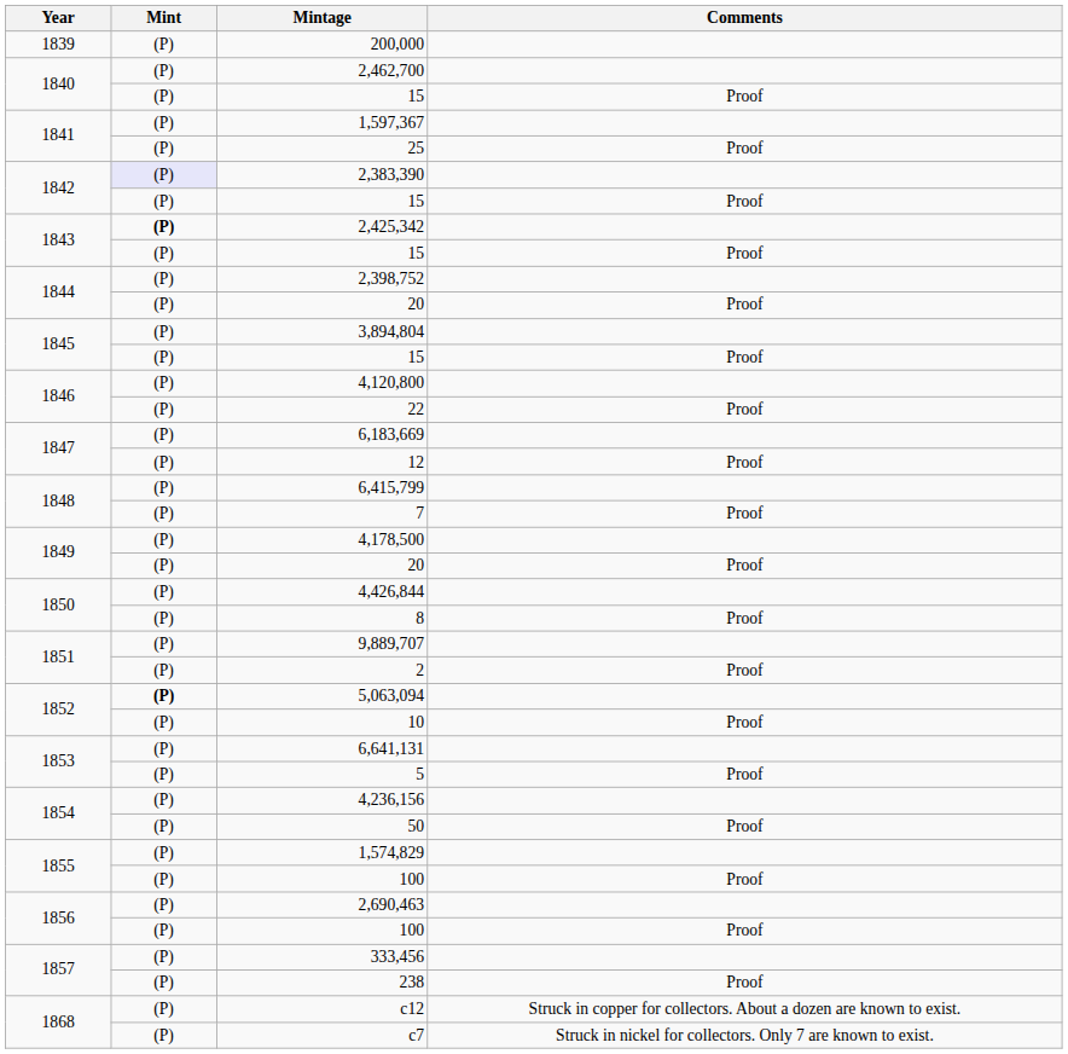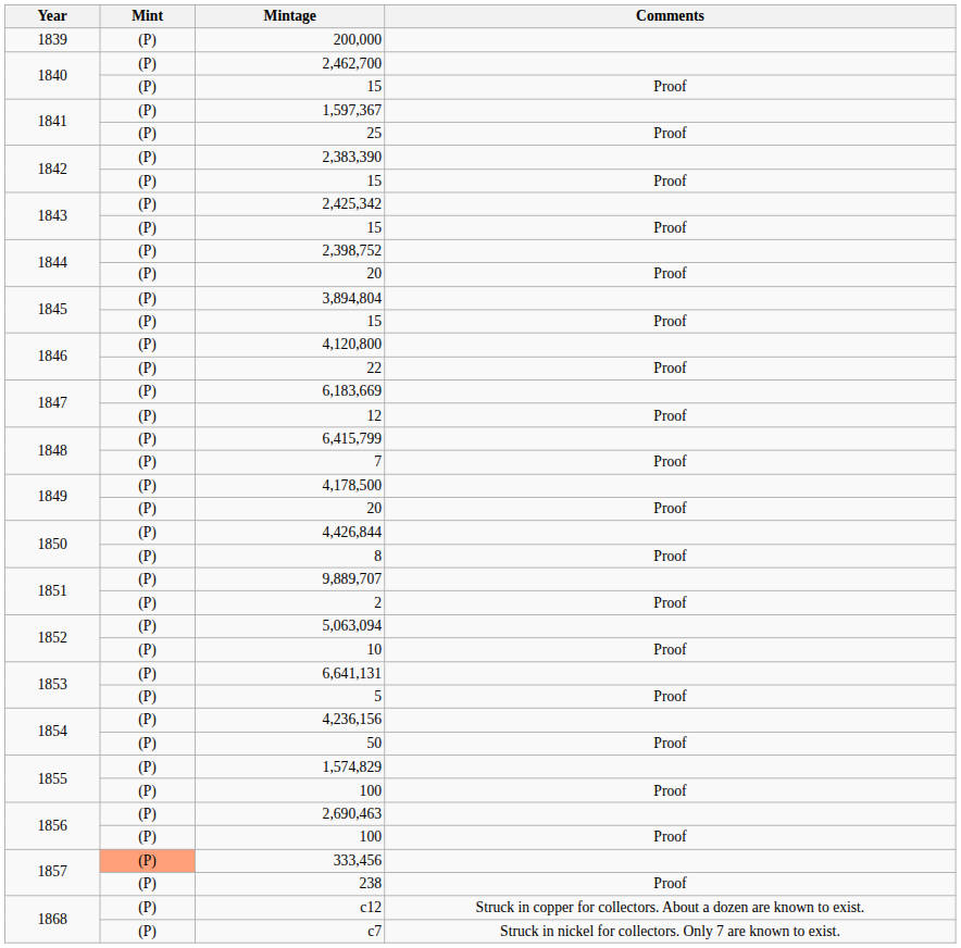 <table class="wikitable sortable" style="min-width:65%; text-align:center;">
 <tr>
 <th width="10%">Year</th>
 <th width="10%">Mint</th>
 <th width="20%">Mintage</th>
 <th width="60%">Comments</th>
 </tr>
 <tr>
 <td>1839</td>
 <td>(P)</td>
 <td align="right">200,000</td>
 <td></td>
 </tr>
 <tr>
 <td rowspan="2">1840</td>
 <td>(P)</td>
 <td align="right">2,462,700</td>
 <td></td>
 </tr>
 <tr>
 <td>(P)</td>
 <td align="right">15</td>
 <td>Proof</td>
 </tr>
 <tr>
 <td rowspan="2">1841</td>
 <td>(P)</td>
 <td align="right">1,597,367</td>
 <td></td>
 </tr>
 <tr>
 <td>(P)</td>
 <td align="right">25</td>
 <td>Proof</td>
 </tr>
 <tr>
 <td rowspan="2">1842</td>
-<td style="background: lavender;">(P)</td>
+<td>(P)</td>
 <td align="right">2,383,390</td>
 <td></td>
 </tr>
 <tr>
 <td>(P)</td>
 <td align="right">15</td>
 <td>Proof</td>
 </tr>
 <tr>
 <td rowspan="2">1843</td>
-<td><strong>(P)</strong></td>
+<td>(P)</td>
 <td align="right">2,425,342</td>
 <td></td>
 </tr>
 <tr>
 <td>(P)</td>
 <td align="right">15</td>
 <td>Proof</td>
 </tr>
 <tr>
 <td rowspan="2">1844</td>
 <td>(P)</td>
 <td align="right">2,398,752</td>
 <td></td>
 </tr>
 <tr>
 <td>(P)</td>
 <td align="right">20</td>
 <td>Proof</td>
 </tr>
 <tr>
 <td rowspan="2">1845</td>
 <td>(P)</td>
 <td align="right">3,894,804</td>
 <td></td>
 </tr>
 <tr>
 <td>(P)</td>
 <td align="right">15</td>
 <td>Proof</td>
 </tr>
 <tr>
 <td rowspan="2">1846</td>
 <td>(P)</td>
 <td align="right">4,120,800</td>
 <td></td>
 </tr>
 <tr>
 <td>(P)</td>
 <td align="right">22</td>
 <td>Proof</td>
 </tr>
 <tr>
 <td rowspan="2">1847</td>
 <td>(P)</td>
 <td align="right">6,183,669</td>
 <td></td>
 </tr>
 <tr>
 <td>(P)</td>
 <td align="right">12</td>
 <td>Proof</td>
 </tr>
 <tr>
 <td rowspan="2">1848</td>
 <td>(P)</td>
 <td align="right">6,415,799</td>
 <td></td>
 </tr>
 <tr>
 <td>(P)</td>
 <td align="right">7</td>
 <td>Proof</td>
 </tr>
 <tr>
 <td rowspan="2">1849</td>
 <td>(P)</td>
 <td align="right">4,178,500</td>
 <td></td>
 </tr>
 <tr>
 <td>(P)</td>
 <td align="right">20</td>
 <td>Proof</td>
 </tr>
 <tr>
 <td rowspan="2">1850</td>
 <td>(P)</td>
 <td align="right">4,426,844</td>
 <td></td>
 </tr>
 <tr>
 <td>(P)</td>
 <td align="right">8</td>
 <td>Proof</td>
 </tr>
 <tr>
 <td rowspan="2">1851</td>
 <td>(P)</td>
 <td align="right">9,889,707</td>
 <td></td>
 </tr>
 <tr>
 <td>(P)</td>
 <td align="right">2</td>
 <td>Proof</td>
 </tr>
 <tr>
 <td rowspan="2">1852</td>
-<td><strong>(P)</strong></td>
+<td>(P)</td>
 <td align="right">5,063,094</td>
 <td></td>
 </tr>
 <tr>
 <td>(P)</td>
 <td align="right">10</td>
 <td>Proof</td>
 </tr>
 <tr>
 <td rowspan="2">1853</td>
 <td>(P)</td>
 <td align="right">6,641,131</td>
 <td></td>
 </tr>
 <tr>
 <td>(P)</td>
 <td align="right">5</td>
 <td>Proof</td>
 </tr>
 <tr>
 <td rowspan="2">1854</td>
 <td>(P)</td>
 <td align="right">4,236,156</td>
 <td></td>
 </tr>
 <tr>
 <td>(P)</td>
 <td align="right">50</td>
 <td>Proof</td>
 </tr>
 <tr>
 <td rowspan="2">1855</td>
 <td>(P)</td>
 <td align="right">1,574,829</td>
 <td></td>
 </tr>
 <tr>
 <td>(P)</td>
 <td align="right">100</td>
 <td>Proof</td>
 </tr>
 <tr>
 <td rowspan="2">1856</td>
 <td>(P)</td>
 <td align="right">2,690,463</td>
 <td></td>
 </tr>
 <tr>
 <td>(P)</td>
 <td align="right">100</td>
 <td>Proof</td>
 </tr>
 <tr>
 <td rowspan="2">1857</td>
-<td>(P)</td>
+<td style="background: lightsalmon;">(P)</td>
 <td align="right">333,456</td>
 <td></td>
 </tr>
 <tr>
 <td>(P)</td>
 <td align="right">238</td>
 <td>Proof</td>
 </tr>
 <tr>
 <td rowspan="2">1868</td>
 <td>(P)</td>
 <td align="right">c12</td>
 <td>Struck in copper for collectors.  About a dozen are known to exist.</td>
 </tr>
 <tr>
 <td>(P)</td>
 <td align="right">c7</td>
 <td>Struck in nickel for collectors.  Only 7 are known to exist.</td>
 </tr>
 </table>
